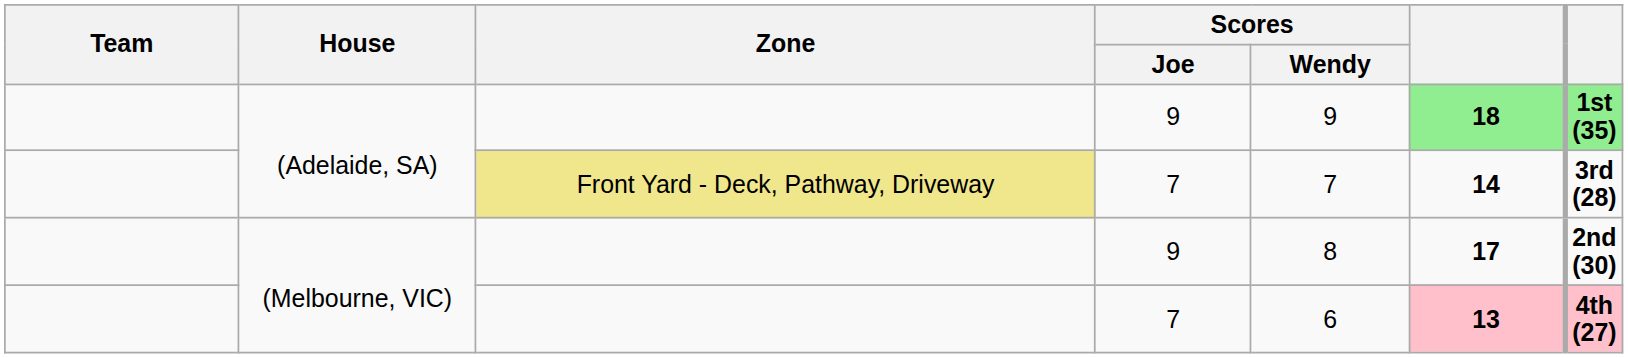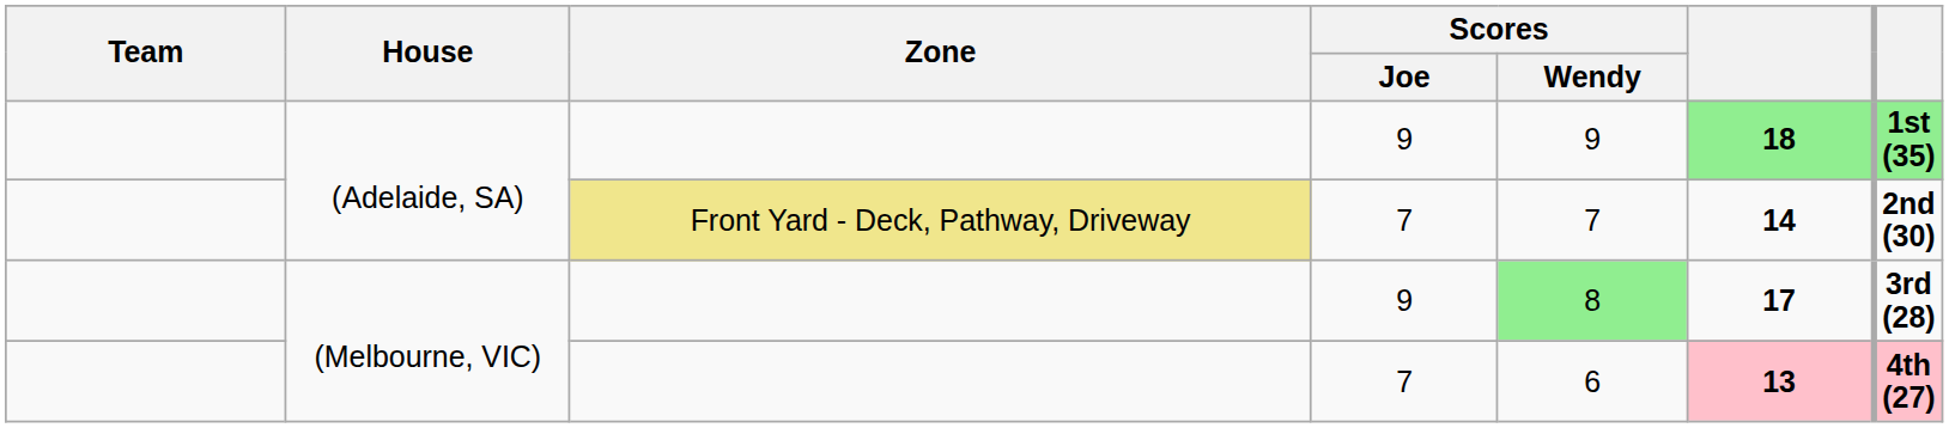 <table class="wikitable plainrowheaders" style="text-align:center; font-size:90%; width:65em;">
 <tr>
 <th rowspan="2">Team</th>
 <th rowspan="2">House</th>
 <th rowspan="2" style="width:40%;">Zone</th>
 <th colspan="2" style="width:30%;">Scores</th>
 <th rowspan="2" style="width:15%;"></th>
 <th rowspan="2" style="width:15%; border-left:3px solid #aaa;"></th>
 </tr>
 <tr>
 <th style="width:10%;">Joe</th>
 <th style="width:10%;">Wendy</th>
 </tr>
 <tr>
 <td style="width:15%;"></td>
 <td rowspan=2 style="width:15%;"><br>(Adelaide, SA)</td>
 <td></td>
 <td>9</td>
 <td>9</td>
 <td bgcolor="lightgreen"><strong>18</strong></td>
 <td bgcolor="lightgreen" style="border-left:3px solid #aaa;"><strong>1st (35)</strong></td>
 </tr>
 <tr>
 <td style="width:15%;"></td>
 <td style="background: khaki;">Front Yard - Deck, Pathway, Driveway</td>
 <td>7</td>
 <td>7</td>
 <td><strong>14</strong></td>
-<td style="border-left:3px solid #aaa;"><strong>3rd (28)</strong></td>
+<td style="border-left:3px solid #aaa;"><strong>2nd (30)</strong></td>
 </tr>
 <tr>
 <td style="width:15%;"></td>
 <td rowspan=2 style="width:15%;"><br>(Melbourne, VIC)</td>
 <td></td>
 <td>9</td>
-<td>8</td>
+<td style="background: lightgreen;">8</td>
 <td><strong>17</strong></td>
-<td style="border-left:3px solid #aaa;"><strong>2nd (30)</strong></td>
+<td style="border-left:3px solid #aaa;"><strong>3rd (28)</strong></td>
 </tr>
 <tr>
 <td style="width:15%;"></td>
 <td></td>
 <td>7</td>
 <td>6</td>
 <td bgcolor="pink"><strong>13</strong></td>
 <td bgcolor="pink" style="border-left:3px solid #aaa;"><strong>4th (27)</strong></td>
 </tr>
 </table>
